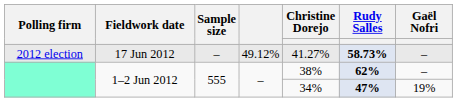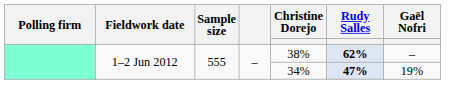 <table class="wikitable sortable" style="text-align:center;font-size:90%;line-height:14px;">
 <tr style="height:40px;">
 <th style="width:100px;" rowspan="2">Polling firm</th>
 <th style="width:110px;" rowspan="2">Fieldwork date</th>
 <th style="width:35px;" rowspan="2">Sample<br>size</th>
 <th style="width:30px;" rowspan="2"></th>
 <th class="unsortable" style="width:60px;">Christine Dorejo<br></th>
 <th class="unsortable" style="width:60px;"><a href='#'>Rudy Salles</a><br></th>
 <th class="unsortable" style="width:60px;">Gaël Nofri<br></th>
 </tr>
 <tr>
 <th style="background:"></th>
 <th style="background:"></th>
 <th style="background:"></th>
-</tr>
-<tr style="background:#E9E9E9;">
-<td><a href='#'>2012 election</a></td>
-<td data-sort-value="2012-06-17">17 Jun 2012</td>
-<td>–</td>
-<td>49.12%</td>
-<td>41.27%</td>
-<td style="background:#DEE5F2;"><strong>58.73%</strong></td>
-<td>–</td>
 </tr>
 <tr>
 <td rowspan="2" style="background:aquamarine;"></td>
 <td rowspan="2" data-sort-value="2012-06-02">1–2 Jun 2012</td>
 <td rowspan="2">555</td>
 <td rowspan="2">–</td>
 <td>38%</td>
 <td style="background:#DEE5F2;"><strong>62%</strong></td>
 <td>–</td>
 </tr>
 <tr>
 <td>34%</td>
 <td style="background:#DEE5F2;"><strong>47%</strong></td>
 <td>19%</td>
 </tr>
 </table>
